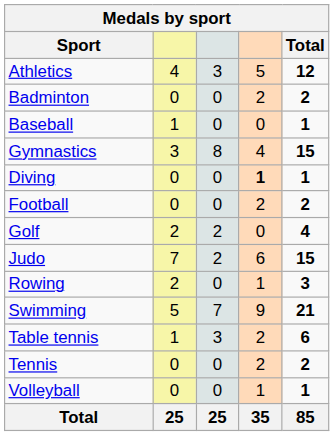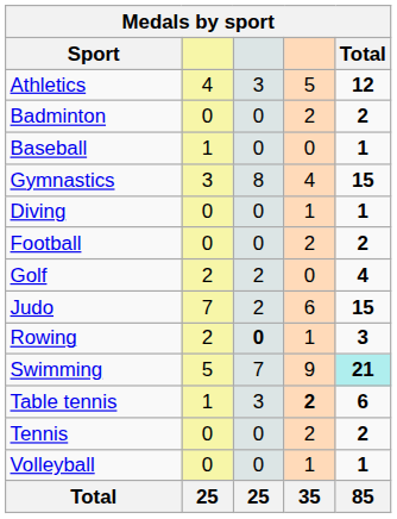 <table class="wikitable" style="font-size:90%; text-align:center;">
 <tr>
 <th colspan=5>Medals by sport</th>
 </tr>
 <tr>
 <th width=120>Sport</th>
 <th scope="col" width=30 style="background:#F7F6A8;"></th>
 <th scope="col" width=30 style="background:#DCE5E5;"></th>
 <th scope="col" width=30 style="background:#FFDAB9;"></th>
 <th width=30>Total</th>
 </tr>
 <tr>
 <td align=left><a href='#'>Athletics</a></td>
 <td style="background:#F7F6A8;">4</td>
 <td style="background:#DCE5E5;">3</td>
 <td style="background:#FFDAB9;">5</td>
 <td><strong>12</strong></td>
 </tr>
 <tr>
 <td align=left><a href='#'>Badminton</a></td>
 <td style="background:#F7F6A8;">0</td>
 <td style="background:#DCE5E5;">0</td>
 <td style="background:#FFDAB9;">2</td>
 <td><strong>2</strong></td>
 </tr>
 <tr>
 <td align=left><a href='#'>Baseball</a></td>
 <td style="background:#F7F6A8;">1</td>
 <td style="background:#DCE5E5;">0</td>
 <td style="background:#FFDAB9;">0</td>
 <td><strong>1</strong></td>
 </tr>
 <tr>
 <td align=left><a href='#'>Gymnastics</a></td>
 <td style="background:#F7F6A8;">3</td>
 <td style="background:#DCE5E5;">8</td>
 <td style="background:#FFDAB9;">4</td>
 <td><strong>15</strong></td>
 </tr>
 <tr>
 <td align=left><a href='#'>Diving</a></td>
 <td style="background:#F7F6A8;">0</td>
 <td style="background:#DCE5E5;">0</td>
-<td style="background:#FFDAB9;"><strong>1</strong></td>
+<td style="background:#FFDAB9;">1</td>
 <td><strong>1</strong></td>
 </tr>
 <tr>
 <td align=left><a href='#'>Football</a></td>
 <td style="background:#F7F6A8;">0</td>
 <td style="background:#DCE5E5;">0</td>
 <td style="background:#FFDAB9;">2</td>
 <td><strong>2</strong></td>
 </tr>
 <tr>
 <td align=left><a href='#'>Golf</a></td>
 <td style="background:#F7F6A8;">2</td>
 <td style="background:#DCE5E5;">2</td>
 <td style="background:#FFDAB9;">0</td>
 <td><strong>4</strong></td>
 </tr>
 <tr>
 <td align=left><a href='#'>Judo</a></td>
 <td style="background:#F7F6A8;">7</td>
 <td style="background:#DCE5E5;">2</td>
 <td style="background:#FFDAB9;">6</td>
 <td><strong>15</strong></td>
 </tr>
 <tr>
 <td align=left><a href='#'>Rowing</a></td>
 <td style="background:#F7F6A8;">2</td>
-<td style="background:#DCE5E5;">0</td>
+<td style="background:#DCE5E5;"><strong>0</strong></td>
 <td style="background:#FFDAB9;">1</td>
 <td><strong>3</strong></td>
 </tr>
 <tr>
 <td align=left><a href='#'>Swimming</a></td>
 <td style="background:#F7F6A8;">5</td>
 <td style="background:#DCE5E5;">7</td>
 <td style="background:#FFDAB9;">9</td>
-<td><strong>21</strong></td>
+<td style="background: paleturquoise;"><strong>21</strong></td>
 </tr>
 <tr>
 <td align=left><a href='#'>Table tennis</a></td>
 <td style="background:#F7F6A8;">1</td>
 <td style="background:#DCE5E5;">3</td>
-<td style="background:#FFDAB9;">2</td>
+<td style="background:#FFDAB9;"><strong>2</strong></td>
 <td><strong>6</strong></td>
 </tr>
 <tr>
 <td align=left><a href='#'>Tennis</a></td>
 <td style="background:#F7F6A8;">0</td>
 <td style="background:#DCE5E5;">0</td>
 <td style="background:#FFDAB9;">2</td>
 <td><strong>2</strong></td>
 </tr>
 <tr>
 <td align=left><a href='#'>Volleyball</a></td>
 <td style="background:#F7F6A8;">0</td>
 <td style="background:#DCE5E5;">0</td>
 <td style="background:#FFDAB9;">1</td>
 <td><strong>1</strong></td>
 </tr>
 <tr class="sortbottom">
 <th>Total</th>
 <th>25</th>
 <th>25</th>
 <th>35</th>
 <th>85</th>
 </tr>
 </table>
